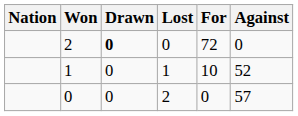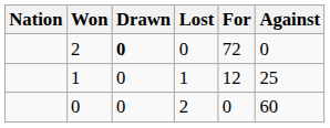 <table class="wikitable">
 <tr>
 <th>Nation</th>
 <th>Won</th>
 <th>Drawn</th>
 <th>Lost</th>
 <th>For</th>
 <th>Against</th>
 </tr>
 <tr>
 <td></td>
 <td>2</td>
 <td><strong>0</strong></td>
 <td>0</td>
 <td>72</td>
 <td>0</td>
 </tr>
 <tr>
 <td></td>
 <td>1</td>
 <td>0</td>
 <td>1</td>
-<td>10</td>
-<td>52</td>
+<td>12</td>
+<td>25</td>
 </tr>
 <tr>
 <td></td>
 <td>0</td>
 <td>0</td>
 <td>2</td>
 <td>0</td>
-<td>57</td>
+<td>60</td>
 </tr>
 </table>
